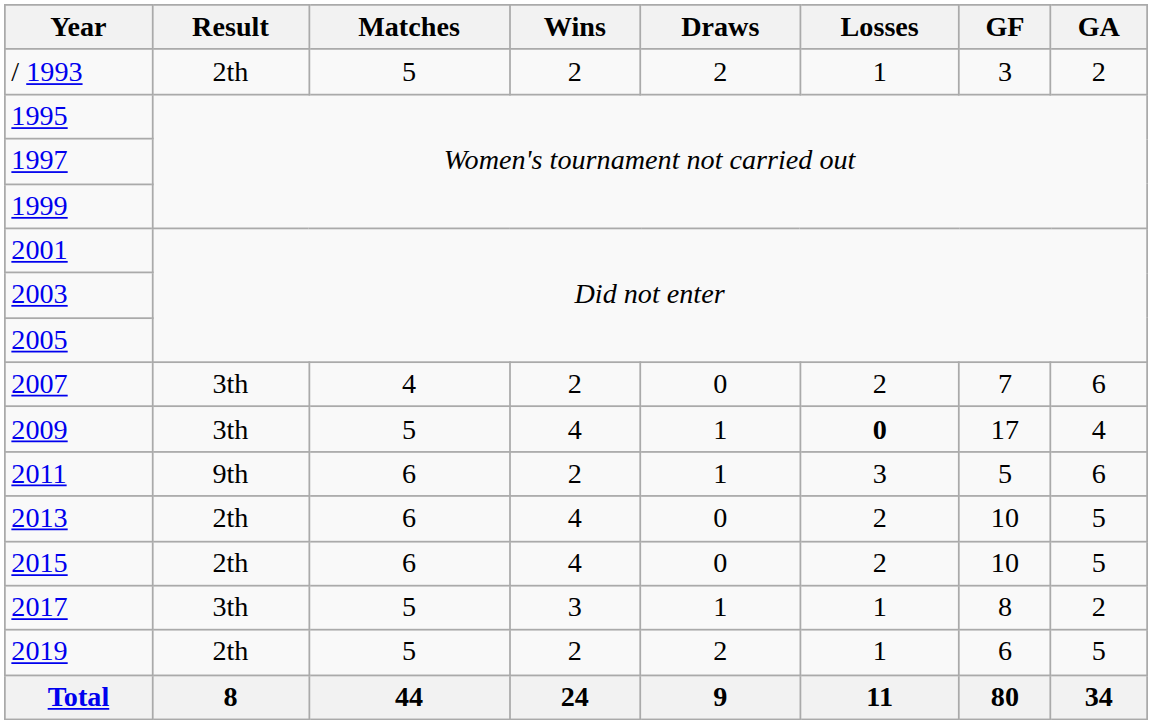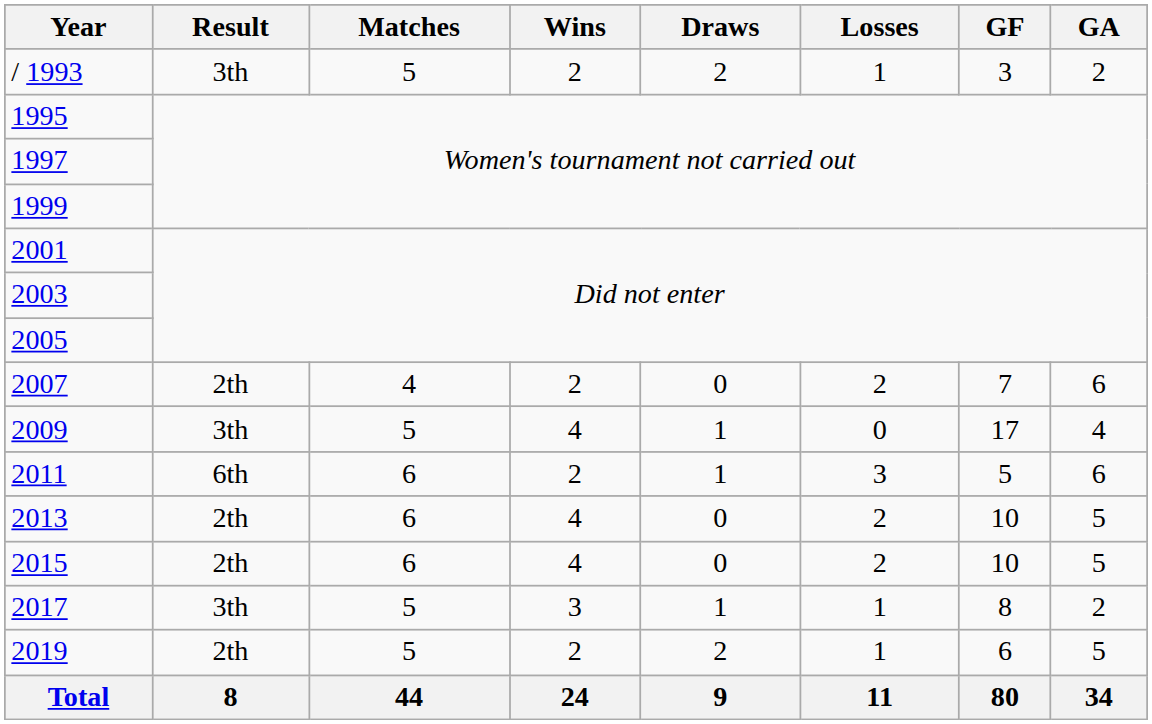 <table class="wikitable sortable"  style="text-align:center; width:650px;">
 <tr>
 <th data-sort-type="number">Year</th>
 <th data-sort-type="number">Result</th>
 <th data-sort-type="number">Matches</th>
 <th data-sort-type="number">Wins</th>
 <th data-sort-type="number">Draws</th>
 <th data-sort-type="number">Losses</th>
 <th data-sort-type="number">GF</th>
 <th data-sort-type="number">GA</th>
 </tr>
 <tr>
 <td style="text-align:left">/ <a href='#'>1993</a></td>
-<td>2th</td>
+<td>3th</td>
 <td>5</td>
 <td>2</td>
 <td>2</td>
 <td>1</td>
 <td>3</td>
 <td>2</td>
 </tr>
 <tr>
 <td style="text-align:left"> <a href='#'>1995</a></td>
 <td rowspan=3 colspan=8><em>Women's tournament not carried out</em></td>
 </tr>
 <tr>
 <td style="text-align:left"> <a href='#'>1997</a></td>
 </tr>
 <tr>
 <td style="text-align:left"> <a href='#'>1999</a></td>
 </tr>
 <tr>
 <td style="text-align:left"> <a href='#'>2001</a></td>
 <td rowspan=3 colspan=8><em>Did not enter</em></td>
 </tr>
 <tr>
 <td style="text-align:left"> <a href='#'>2003</a></td>
 </tr>
 <tr>
 <td style="text-align:left"> <a href='#'>2005</a></td>
 </tr>
 <tr>
 <td style="text-align:left"> <a href='#'>2007</a></td>
-<td>3th</td>
+<td>2th</td>
 <td>4</td>
 <td>2</td>
 <td>0</td>
 <td>2</td>
 <td>7</td>
 <td>6</td>
 </tr>
 <tr>
 <td style="text-align:left"> <a href='#'>2009</a></td>
 <td>3th</td>
 <td>5</td>
 <td>4</td>
 <td>1</td>
-<td><strong>0</strong></td>
+<td>0</td>
 <td>17</td>
 <td>4</td>
 </tr>
 <tr>
 <td style="text-align:left"> <a href='#'>2011</a></td>
-<td>9th</td>
+<td>6th</td>
 <td>6</td>
 <td>2</td>
 <td>1</td>
 <td>3</td>
 <td>5</td>
 <td>6</td>
 </tr>
 <tr>
 <td style="text-align:left"> <a href='#'>2013</a></td>
 <td>2th</td>
 <td>6</td>
 <td>4</td>
 <td>0</td>
 <td>2</td>
 <td>10</td>
 <td>5</td>
 </tr>
 <tr>
 <td style="text-align:left"> <a href='#'>2015</a></td>
 <td>2th</td>
 <td>6</td>
 <td>4</td>
 <td>0</td>
 <td>2</td>
 <td>10</td>
 <td>5</td>
 </tr>
 <tr>
 <td style="text-align:left"> <a href='#'>2017</a></td>
 <td>3th</td>
 <td>5</td>
 <td>3</td>
 <td>1</td>
 <td>1</td>
 <td>8</td>
 <td>2</td>
 </tr>
 <tr>
 <td style="text-align:left"> <a href='#'>2019</a></td>
 <td>2th</td>
 <td>5</td>
 <td>2</td>
 <td>2</td>
 <td>1</td>
 <td>6</td>
 <td>5</td>
 </tr>
 <tr class=sortbottom style="font-weight:bold;">
 <th><a href='#'>Total</a></th>
 <th>8</th>
 <th>44</th>
 <th>24</th>
 <th>9</th>
 <th>11</th>
 <th>80</th>
 <th>34</th>
 </tr>
 </table>
